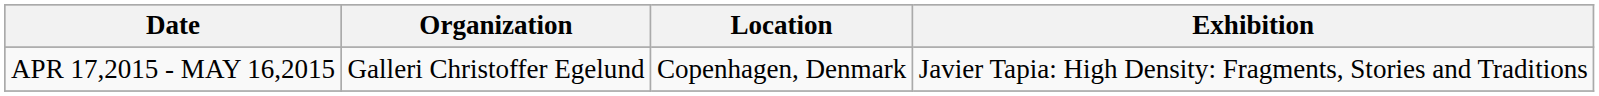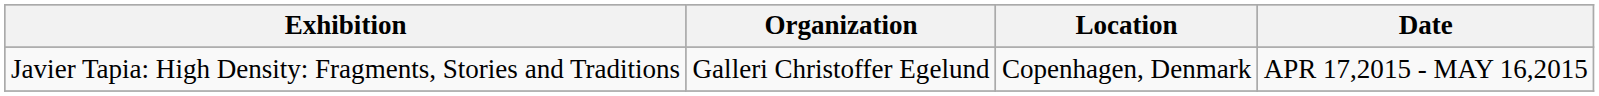 <table class="wikitable sortable">
 <tr>
-<th>Date</th>
+<th>Exhibition</th>
 <th>Organization</th>
 <th>Location</th>
-<th>Exhibition</th>
+<th>Date</th>
 </tr>
 <tr>
-<td>APR 17,2015 - MAY 16,2015</td>
+<td>Javier Tapia: High Density: Fragments, Stories and Traditions</td>
 <td>Galleri Christoffer Egelund</td>
 <td>Copenhagen, Denmark</td>
-<td>Javier Tapia: High Density: Fragments, Stories and Traditions</td>
+<td>APR 17,2015 - MAY 16,2015</td>
 </tr>
 </table>
